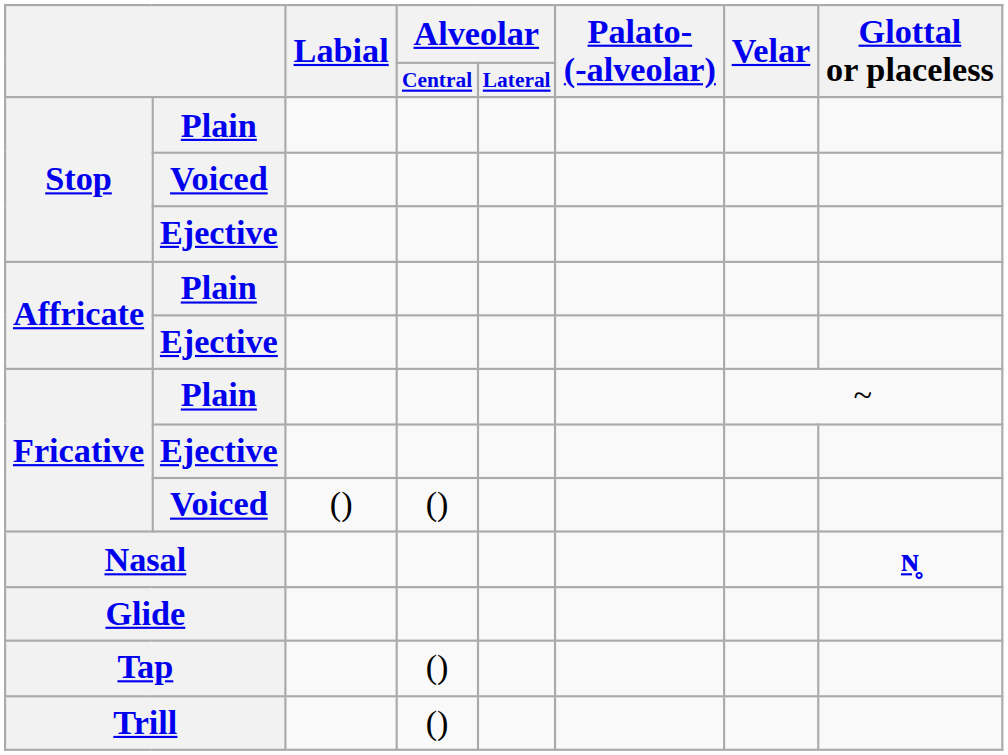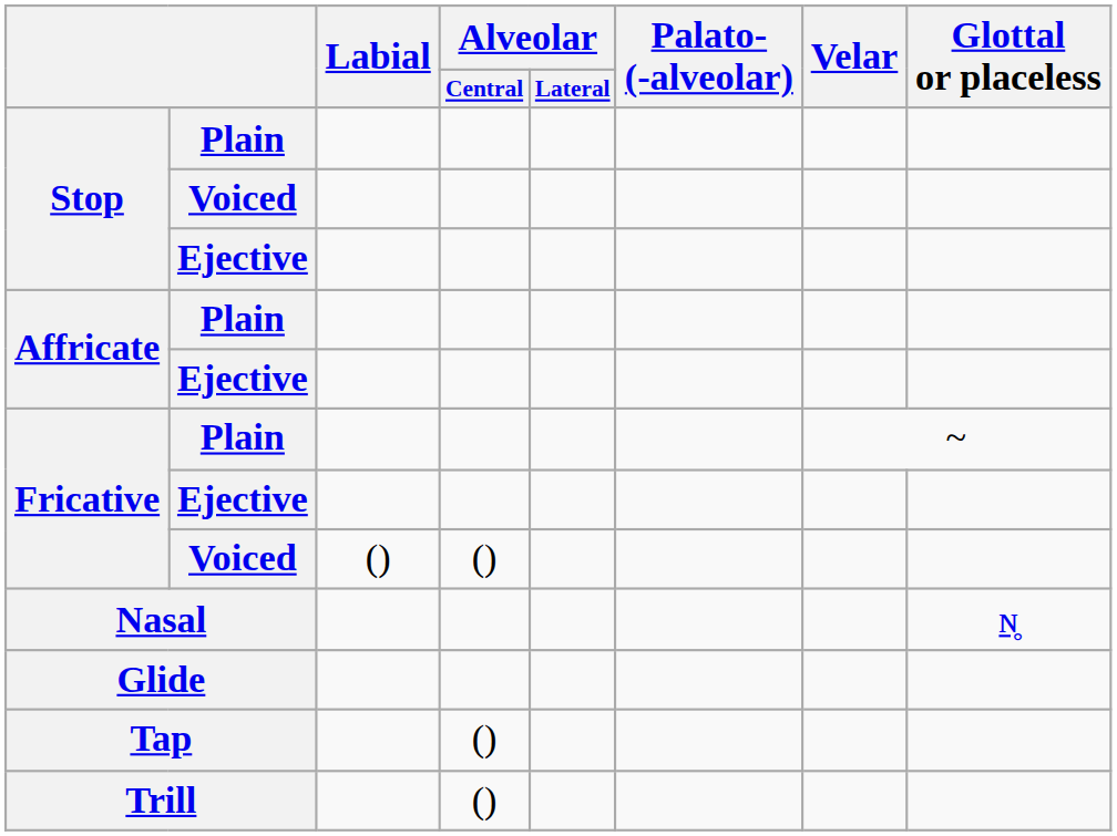 <table class="wikitable" style="text-align: center;">
 <tr>
 <th colspan="2" rowspan="2"></th>
 <th rowspan="2"><a href='#'>Labial</a></th>
 <th colspan="2"><a href='#'>Alveolar</a></th>
 <th rowspan="2"><a href='#'>Palato-<br>(-alveolar)</a></th>
 <th rowspan="2"><a href='#'>Velar</a></th>
 <th rowspan="2"><a href='#'>Glottal</a><br>or placeless</th>
 </tr>
 <tr style="font-size: x-small;">
 <th><a href='#'>Central</a></th>
 <th><a href='#'>Lateral</a></th>
 </tr>
 <tr>
 <th rowspan="3"><a href='#'>Stop</a></th>
 <th><a href='#'>Plain</a></th>
 <td></td>
 <td></td>
 <td></td>
 <td></td>
 <td></td>
 <td></td>
 </tr>
 <tr>
 <th><a href='#'>Voiced</a></th>
 <td></td>
 <td></td>
 <td></td>
 <td></td>
 <td></td>
 <td></td>
 </tr>
 <tr>
 <th><a href='#'>Ejective</a></th>
 <td></td>
 <td></td>
 <td></td>
 <td></td>
 <td></td>
 <td></td>
 </tr>
 <tr>
 <th rowspan="2"><a href='#'>Affricate</a></th>
 <th><a href='#'>Plain</a></th>
 <td></td>
 <td></td>
 <td></td>
 <td></td>
 <td></td>
 <td></td>
 </tr>
 <tr>
 <th><a href='#'>Ejective</a></th>
 <td></td>
 <td></td>
 <td></td>
 <td></td>
 <td></td>
 <td></td>
 </tr>
 <tr>
 <th rowspan="3"><a href='#'>Fricative</a></th>
 <th><a href='#'>Plain</a></th>
 <td></td>
 <td></td>
 <td></td>
 <td></td>
 <td colspan="2">~</td>
 </tr>
 <tr>
 <th><a href='#'>Ejective</a></th>
 <td></td>
 <td></td>
 <td></td>
 <td></td>
 <td></td>
 <td></td>
 </tr>
 <tr>
 <th><a href='#'>Voiced</a></th>
 <td>()</td>
 <td>()</td>
 <td></td>
 <td></td>
 <td></td>
 <td></td>
 </tr>
 <tr>
 <th colspan="2"><a href='#'>Nasal</a></th>
 <td></td>
 <td></td>
 <td></td>
 <td></td>
 <td></td>
-<td><strong><a href='#'>ɴ̥</a></strong></td>
+<td><a href='#'>ɴ̥</a></td>
 </tr>
 <tr>
 <th colspan="2"><a href='#'>Glide</a></th>
 <td></td>
 <td></td>
 <td></td>
 <td></td>
 <td></td>
 <td></td>
 </tr>
 <tr>
 <th colspan="2"><a href='#'>Tap</a></th>
 <td></td>
 <td>()</td>
 <td></td>
 <td></td>
 <td></td>
 <td></td>
 </tr>
 <tr>
 <th colspan="2"><a href='#'>Trill</a></th>
 <td></td>
 <td>()</td>
 <td></td>
 <td></td>
 <td></td>
 <td></td>
 </tr>
 </table>
